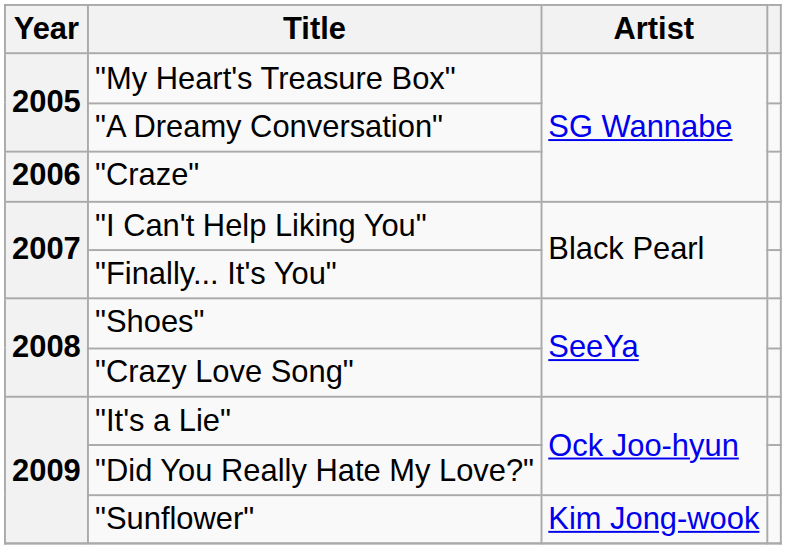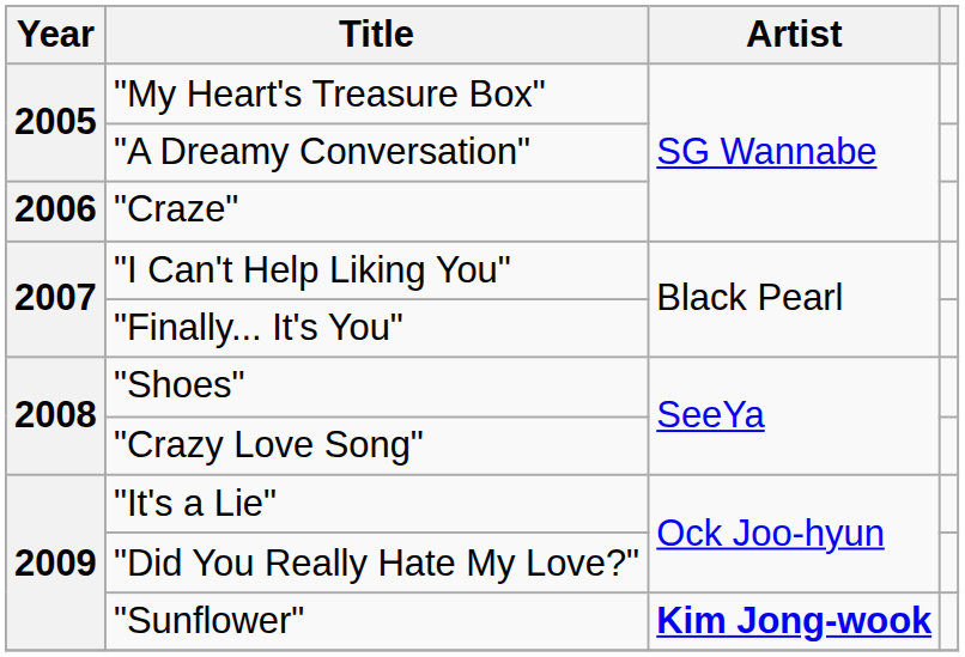 <table class="wikitable plainrowheaders sortable">
 <tr>
 <th scope="col">Year</th>
 <th scope="col">Title</th>
 <th scope="col">Artist</th>
 <th scope="col" class="unsortable"></th>
 </tr>
 <tr>
 <th scope="row" rowspan=2>2005</th>
 <td>"My Heart's Treasure Box"</td>
 <td rowspan=3><a href='#'>SG Wannabe</a></td>
 <td></td>
 </tr>
 <tr>
 <td>"A Dreamy Conversation"</td>
 <td></td>
 </tr>
 <tr>
 <th scope="row">2006</th>
 <td>"Craze"</td>
 <td></td>
 </tr>
 <tr>
 <th scope="row" rowspan=2>2007</th>
 <td>"I Can't Help Liking You"</td>
 <td rowspan=2>Black Pearl</td>
 <td></td>
 </tr>
 <tr>
 <td>"Finally... It's You"</td>
 <td></td>
 </tr>
 <tr>
 <th scope="row" rowspan=2>2008</th>
 <td>"Shoes"</td>
 <td rowspan=2><a href='#'>SeeYa</a></td>
 <td></td>
 </tr>
 <tr>
 <td>"Crazy Love Song"</td>
 <td></td>
 </tr>
 <tr>
 <th scope="row" rowspan=3>2009</th>
 <td>"It's a Lie"</td>
 <td rowspan=2><a href='#'>Ock Joo-hyun</a></td>
 <td></td>
 </tr>
 <tr>
 <td>"Did You Really Hate My Love?"</td>
 <td></td>
 </tr>
 <tr>
 <td>"Sunflower"</td>
-<td><a href='#'>Kim Jong-wook</a></td>
+<td><strong><a href='#'>Kim Jong-wook</a></strong></td>
 <td></td>
 </tr>
 <tr>
 </tr>
 </table>
